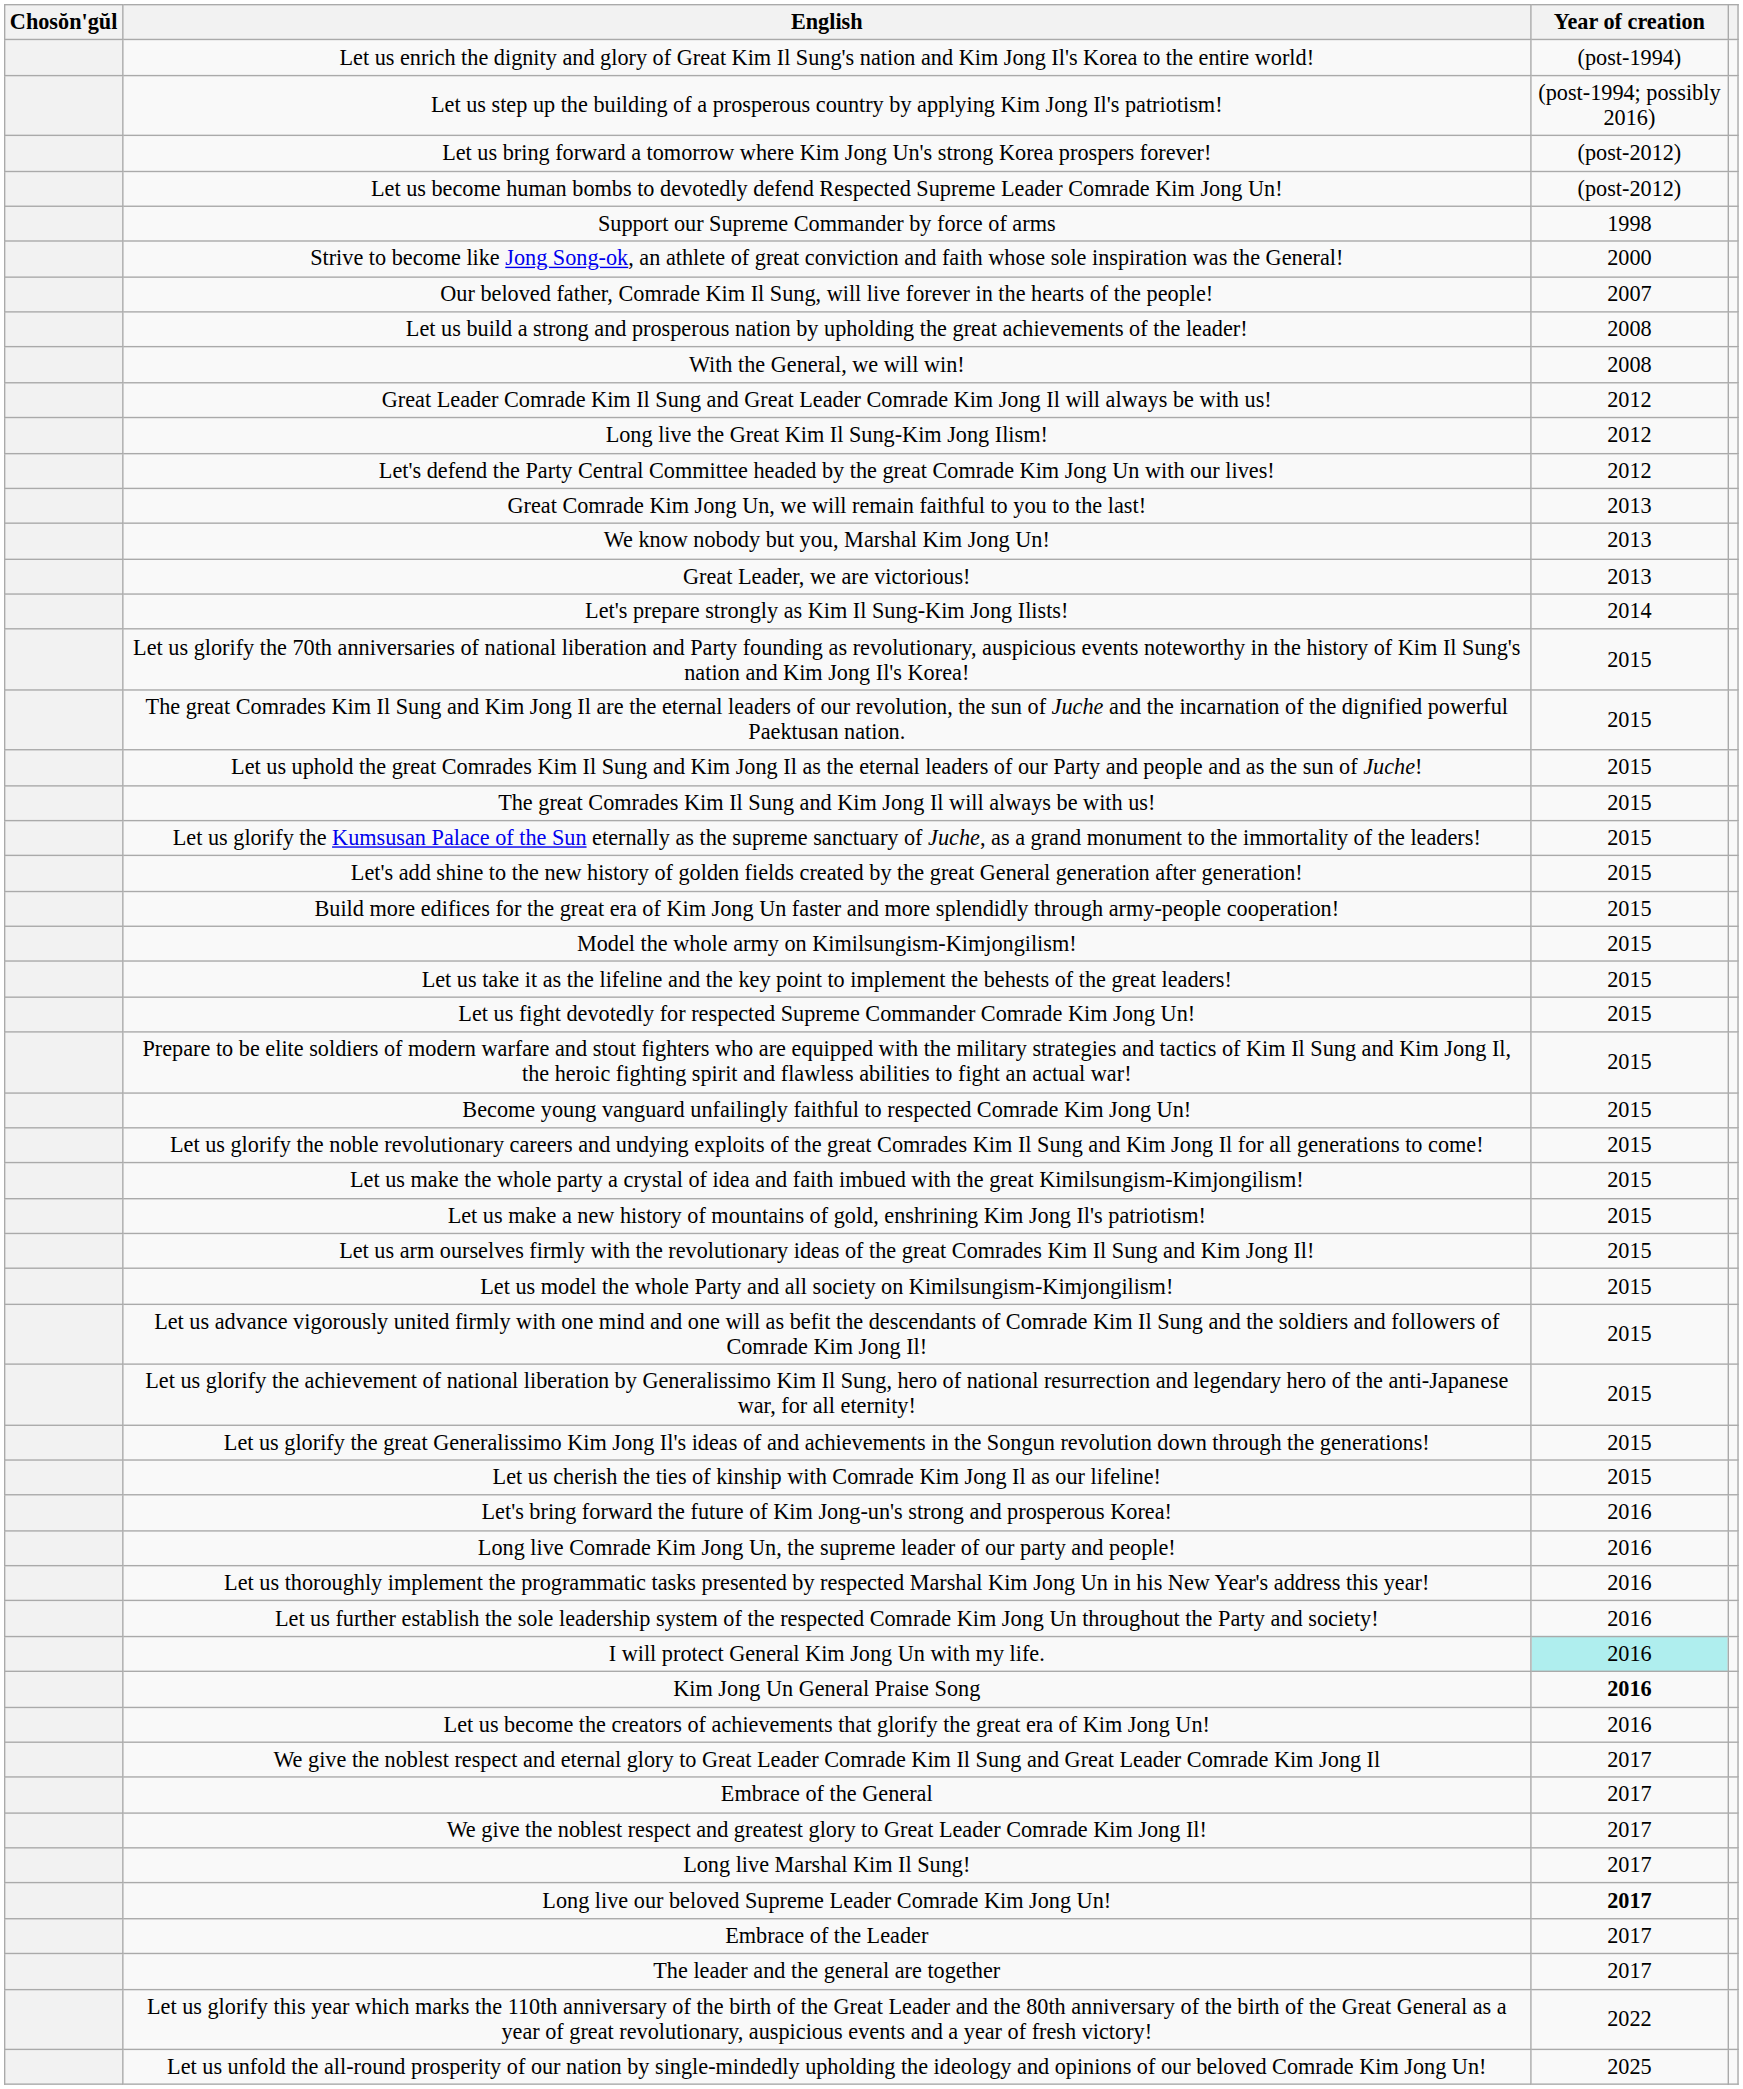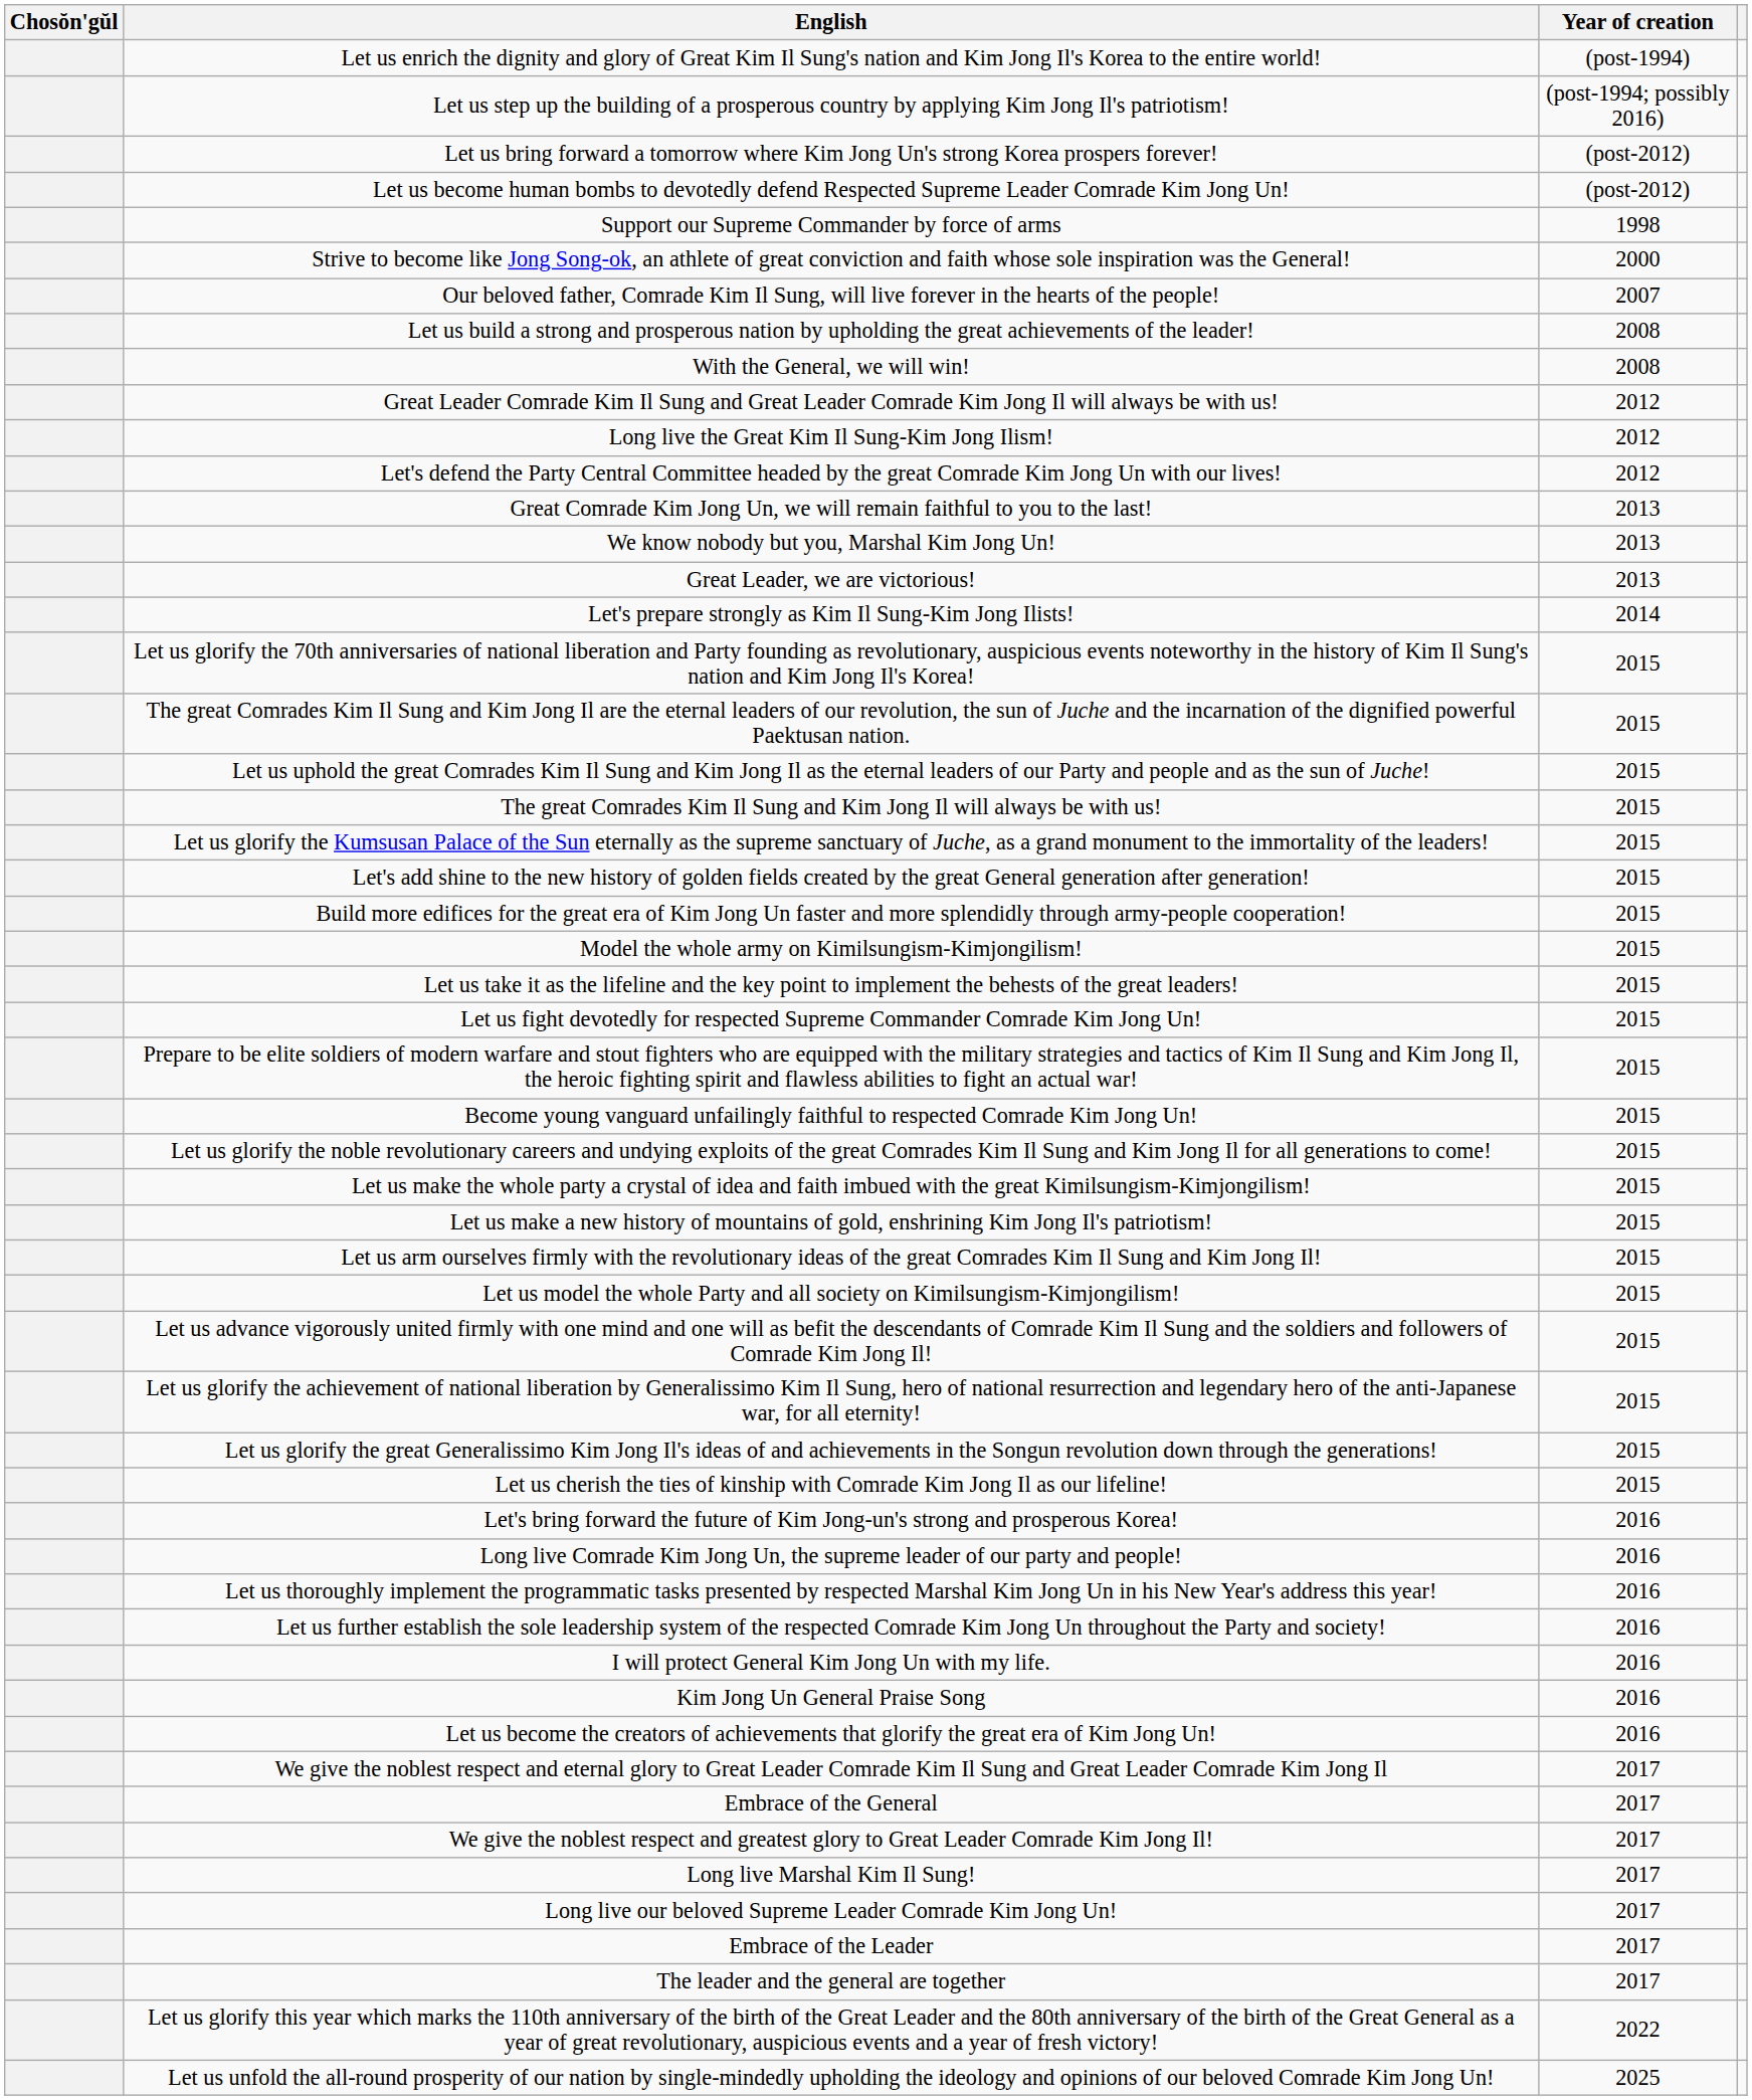 <table class="wikitable sortable" style="text-align: center;">
 <tr>
 <th scope="col">Chosŏn'gŭl</th>
 <th scope="col">English</th>
 <th scope="col">Year of creation</th>
 <th scope="col" class="unsortable"></th>
 </tr>
 <tr>
 <th scope="row"></th>
 <td>Let us enrich the dignity and glory of Great Kim Il Sung's nation and Kim Jong Il's Korea to the entire world!</td>
 <td> (post-1994)</td>
 <td></td>
 </tr>
 <tr>
 <th scope="row"></th>
 <td>Let us step up the building of a prosperous country by applying Kim Jong Il's patriotism!</td>
 <td> (post-1994; possibly 2016)</td>
 <td></td>
 </tr>
 <tr>
 <th scope="row"></th>
 <td>Let us bring forward a tomorrow where Kim Jong Un's strong Korea prospers forever!</td>
 <td> (post-2012)</td>
 <td></td>
 </tr>
 <tr>
 <th scope="row"></th>
 <td>Let us become human bombs to devotedly defend Respected Supreme Leader Comrade Kim Jong Un!</td>
 <td> (post-2012)</td>
 <td></td>
 </tr>
 <tr>
 <th scope="row"></th>
 <td>Support our Supreme Commander by force of arms</td>
 <td>1998</td>
 <td></td>
 </tr>
 <tr>
 <th scope="row"></th>
 <td>Strive to become like <a href='#'>Jong Song-ok</a>, an athlete of great conviction and faith whose sole inspiration was the General!</td>
 <td>2000</td>
 <td></td>
 </tr>
 <tr>
 <th scope="row"></th>
 <td>Our beloved father, Comrade Kim Il Sung, will live forever in the hearts of the people!</td>
 <td>2007</td>
 <td></td>
 </tr>
 <tr>
 <th scope="row"></th>
 <td>Let us build a strong and prosperous nation by upholding the great achievements of the leader!</td>
 <td>2008</td>
 <td></td>
 </tr>
 <tr>
 <th scope="row"></th>
 <td>With the General, we will win!</td>
 <td>2008</td>
 <td></td>
 </tr>
 <tr>
 <th scope="row"></th>
 <td>Great Leader Comrade Kim Il Sung and Great Leader Comrade Kim Jong Il will always be with us!</td>
 <td>2012</td>
 <td></td>
 </tr>
 <tr>
 <th scope="row"></th>
 <td>Long live the Great Kim Il Sung-Kim Jong Ilism!</td>
 <td>2012</td>
 <td></td>
 </tr>
 <tr>
 <th scope="row"></th>
 <td>Let's defend the Party Central Committee headed by the great Comrade Kim Jong Un with our lives!</td>
 <td>2012</td>
 <td></td>
 </tr>
 <tr>
 <th scope="row"></th>
 <td>Great Comrade Kim Jong Un, we will remain faithful to you to the last!</td>
 <td>2013</td>
 <td></td>
 </tr>
 <tr>
 <th scope="row"></th>
 <td>We know nobody but you, Marshal Kim Jong Un!</td>
 <td>2013</td>
 <td></td>
 </tr>
 <tr>
 <th scope="row"></th>
 <td>Great Leader, we are victorious!</td>
 <td>2013</td>
 <td></td>
 </tr>
 <tr>
 <th scope="row"></th>
 <td>Let's prepare strongly as Kim Il Sung-Kim Jong Ilists!</td>
 <td>2014</td>
 <td></td>
 </tr>
 <tr>
 <th></th>
 <td>Let us glorify the 70th anniversaries of national liberation and Party founding as revolutionary, auspicious events noteworthy in the history of Kim Il Sung's nation and Kim Jong Il's Korea!</td>
 <td>2015</td>
 <td></td>
 </tr>
 <tr>
 <th></th>
 <td>The great Comrades Kim Il Sung and Kim Jong Il are the eternal leaders of our revolution, the sun of <em>Juche</em> and the incarnation of the dignified powerful Paektusan nation.</td>
 <td>2015</td>
 <td></td>
 </tr>
 <tr>
 <th></th>
 <td>Let us uphold the great Comrades Kim Il Sung and Kim Jong Il as the eternal leaders of our Party and people and as the sun of <em>Juche</em>!</td>
 <td>2015</td>
 <td></td>
 </tr>
 <tr>
 <th></th>
 <td>The great Comrades Kim Il Sung and Kim Jong Il will always be with us!</td>
 <td>2015</td>
 <td></td>
 </tr>
 <tr>
 <th></th>
 <td>Let us glorify the <a href='#'>Kumsusan Palace of the Sun</a> eternally as the supreme sanctuary of <em>Juche</em>, as a grand monument to the immortality of the leaders!</td>
 <td>2015</td>
 <td></td>
 </tr>
 <tr>
 <th scope="row"></th>
 <td>Let's add shine to the new history of golden fields created by the great General generation after generation!</td>
 <td>2015</td>
 <td></td>
 </tr>
 <tr>
 <th scope="row"></th>
 <td>Build more edifices for the great era of Kim Jong Un faster and more splendidly through army-people cooperation!</td>
 <td>2015</td>
 <td></td>
 </tr>
 <tr>
 <th scope="row"></th>
 <td>Model the whole army on Kimilsungism-Kimjongilism!</td>
 <td>2015</td>
 <td></td>
 </tr>
 <tr>
 <th scope="row"></th>
 <td>Let us take it as the lifeline and the key point to implement the behests of the great leaders!</td>
 <td>2015</td>
 <td></td>
 </tr>
 <tr>
 <th scope="row"></th>
 <td>Let us fight devotedly for respected Supreme Commander Comrade Kim Jong Un!</td>
 <td>2015</td>
 <td></td>
 </tr>
 <tr>
 <th scope="row"></th>
 <td>Prepare to be elite soldiers of modern warfare and stout fighters who are equipped with the military strategies and tactics of Kim Il Sung and Kim Jong Il, the heroic fighting spirit and flawless abilities to fight an actual war!</td>
 <td>2015</td>
 <td></td>
 </tr>
 <tr>
 <th scope="row"></th>
 <td>Become young vanguard unfailingly faithful to respected Comrade Kim Jong Un!</td>
 <td>2015</td>
 <td></td>
 </tr>
 <tr>
 <th scope="row"></th>
 <td>Let us glorify the noble revolutionary careers and undying exploits of the great Comrades Kim Il Sung and Kim Jong Il for all generations to come!</td>
 <td>2015</td>
 <td></td>
 </tr>
 <tr>
 <th scope="row"></th>
 <td>Let us make the whole party a crystal of idea and faith imbued with the great Kimilsungism-Kimjongilism!</td>
 <td>2015</td>
 <td></td>
 </tr>
 <tr>
 <th scope="row"></th>
 <td>Let us make a new history of mountains of gold, enshrining Kim Jong Il's patriotism!</td>
 <td>2015</td>
 <td></td>
 </tr>
 <tr>
 <th></th>
 <td>Let us arm ourselves firmly with the revolutionary ideas of the great Comrades Kim Il Sung and Kim Jong Il!</td>
 <td>2015</td>
 <td></td>
 </tr>
 <tr>
 <th></th>
 <td>Let us model the whole Party and all society on Kimilsungism-Kimjongilism!</td>
 <td>2015</td>
 <td></td>
 </tr>
 <tr>
 <th></th>
 <td>Let us advance vigorously united firmly with one mind and one will as befit the descendants of Comrade Kim Il Sung and the soldiers and followers of Comrade Kim Jong Il!</td>
 <td>2015</td>
 <td></td>
 </tr>
 <tr>
 <th></th>
 <td>Let us glorify the achievement of national liberation by Generalissimo Kim Il Sung, hero of national resurrection and legendary hero of the anti-Japanese war, for all eternity!</td>
 <td>2015</td>
 <td></td>
 </tr>
 <tr>
 <th></th>
 <td>Let us glorify the great Generalissimo Kim Jong Il's ideas of and achievements in the Songun revolution down through the generations!</td>
 <td>2015</td>
 <td></td>
 </tr>
 <tr>
 <th></th>
 <td>Let us cherish the ties of kinship with Comrade Kim Jong Il as our lifeline!</td>
 <td>2015</td>
 <td></td>
 </tr>
 <tr>
 <th></th>
 <td>Let's bring forward the future of Kim Jong-un's strong and prosperous Korea!</td>
 <td>2016</td>
 <td></td>
 </tr>
 <tr>
 <th></th>
 <td>Long live Comrade Kim Jong Un, the supreme leader of our party and people!</td>
 <td>2016</td>
 <td></td>
 </tr>
 <tr>
 <th></th>
 <td>Let us thoroughly implement the programmatic tasks presented by respected Marshal Kim Jong Un in his New Year's address this year!</td>
 <td>2016</td>
 <td></td>
 </tr>
 <tr>
 <th></th>
 <td>Let us further establish the sole leadership system of the respected Comrade Kim Jong Un throughout the Party and society!</td>
 <td>2016</td>
 <td></td>
 </tr>
 <tr>
 <th scope="row"></th>
 <td>I will protect General Kim Jong Un with my life.</td>
-<td style="background: paleturquoise;">2016</td>
+<td>2016</td>
 <td></td>
 </tr>
 <tr>
 <th scope="row"></th>
 <td>Kim Jong Un General Praise Song</td>
-<td><strong>2016</strong></td>
+<td>2016</td>
 <td></td>
 </tr>
 <tr>
 <th scope="row"></th>
 <td>Let us become the creators of achievements that glorify the great era of Kim Jong Un!</td>
 <td>2016</td>
 <td></td>
 </tr>
 <tr>
 <th scope="row"></th>
 <td>We give the noblest respect and eternal glory to Great Leader Comrade Kim Il Sung and Great Leader Comrade Kim Jong Il</td>
 <td>2017</td>
 <td></td>
 </tr>
 <tr>
 <th scope="row"></th>
 <td>Embrace of the General</td>
 <td>2017</td>
 <td></td>
 </tr>
 <tr>
 <th scope="row"></th>
 <td>We give the noblest respect and greatest glory to Great Leader Comrade Kim Jong Il!</td>
 <td>2017</td>
 <td></td>
 </tr>
 <tr>
 <th scope="row"></th>
 <td>Long live Marshal Kim Il Sung!</td>
 <td>2017</td>
 <td></td>
 </tr>
 <tr>
 <th scope="row"></th>
 <td>Long live our beloved Supreme Leader Comrade Kim Jong Un!</td>
-<td><strong>2017</strong></td>
+<td>2017</td>
 <td></td>
 </tr>
 <tr>
 <th scope="row"></th>
 <td>Embrace of the Leader</td>
 <td>2017</td>
 <td></td>
 </tr>
 <tr>
 <th scope="row"></th>
 <td>The leader and the general are together</td>
 <td>2017</td>
 <td></td>
 </tr>
 <tr>
 <th scope="row"></th>
 <td>Let us glorify this year which marks the 110th anniversary of the birth of the Great Leader and the 80th anniversary of the birth of the Great General as a year of great revolutionary, auspicious events and a year of fresh victory!</td>
 <td>2022</td>
 <td></td>
 </tr>
 <tr>
 <th scope="row"></th>
 <td>Let us unfold the all-round prosperity of our nation by single-mindedly upholding the ideology and opinions of our beloved Comrade Kim Jong Un!</td>
 <td>2025</td>
 <td></td>
 </tr>
 </table>
